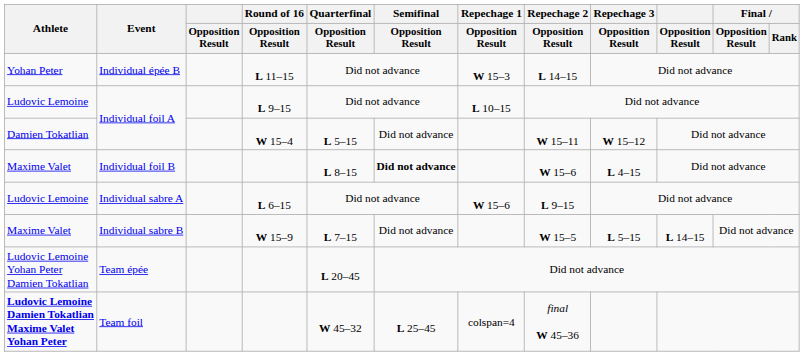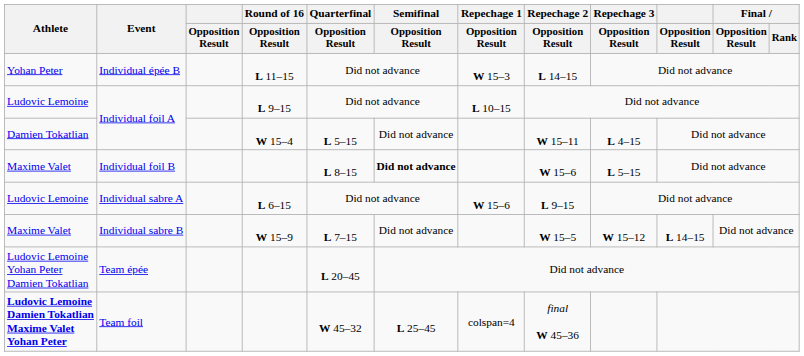 <table class=wikitable style=font-size:90%;text-align:center>
 <tr>
 <th rowspan=2>Athlete</th>
 <th rowspan=2>Event</th>
 <th></th>
 <th>Round of 16</th>
 <th>Quarterfinal</th>
 <th>Semifinal</th>
 <th>Repechage 1</th>
 <th>Repechage 2</th>
 <th>Repechage 3</th>
 <th></th>
 <th colspan=2>Final / </th>
 </tr>
 <tr style=font-size:95%>
 <th>Opposition<br>Result</th>
 <th>Opposition<br>Result</th>
 <th>Opposition<br>Result</th>
 <th>Opposition<br>Result</th>
 <th>Opposition<br>Result</th>
 <th>Opposition<br>Result</th>
 <th>Opposition<br>Result</th>
 <th>Opposition<br>Result</th>
 <th>Opposition<br>Result</th>
 <th>Rank</th>
 </tr>
 <tr align=center>
 <td align=left><a href='#'>Yohan Peter</a></td>
 <td align=left><a href='#'>Individual épée B</a></td>
 <td></td>
 <td><br><strong>L</strong> 11–15</td>
 <td colspan=2>Did not advance</td>
 <td><br><strong>W</strong> 15–3</td>
 <td><br><strong>L</strong> 14–15</td>
 <td colspan=4>Did not advance</td>
 </tr>
 <tr align=center>
 <td align=left><a href='#'>Ludovic Lemoine</a></td>
 <td align=left rowspan=2><a href='#'>Individual foil A</a></td>
 <td></td>
 <td><br><strong>L</strong> 9–15</td>
 <td colspan=2>Did not advance</td>
 <td><br><strong>L</strong> 10–15</td>
 <td colspan=5>Did not advance</td>
 </tr>
 <tr align=center>
 <td align=left><a href='#'>Damien Tokatlian</a></td>
 <td></td>
 <td><br><strong>W</strong> 15–4</td>
 <td><br><strong>L</strong> 5–15</td>
 <td>Did not advance</td>
 <td></td>
 <td><br><strong>W</strong> 15–11</td>
-<td><br><strong>W</strong> 15–12</td>
+<td><br><strong>L</strong> 4–15</td>
 <td colspan=5>Did not advance</td>
 </tr>
 <tr align=center>
 <td align=left><a href='#'>Maxime Valet</a></td>
 <td align=left><a href='#'>Individual foil B</a></td>
 <td></td>
 <td></td>
 <td><br><strong>L</strong> 8–15</td>
 <td><strong>Did not advance</strong></td>
 <td></td>
 <td><br><strong>W</strong> 15–6</td>
-<td><br><strong>L</strong> 4–15</td>
+<td><br><strong>L</strong> 5–15</td>
 <td colspan=5>Did not advance</td>
 </tr>
 <tr align=center>
 <td align=left><a href='#'>Ludovic Lemoine</a></td>
 <td align=left><a href='#'>Individual sabre A</a></td>
 <td></td>
 <td><br><strong>L</strong> 6–15</td>
 <td colspan=2>Did not advance</td>
 <td><br><strong>W</strong> 15–6</td>
 <td><br><strong>L</strong> 9–15</td>
 <td colspan=4>Did not advance</td>
 </tr>
 <tr align=center>
 <td align=left><a href='#'>Maxime Valet</a></td>
 <td align=left><a href='#'>Individual sabre B</a></td>
 <td></td>
 <td><br><strong>W</strong> 15–9</td>
 <td><br><strong>L</strong> 7–15</td>
 <td>Did not advance</td>
 <td></td>
 <td><br><strong>W</strong> 15–5</td>
-<td><br><strong>L</strong> 5–15</td>
+<td><br><strong>W</strong> 15–12</td>
 <td><br><strong>L</strong> 14–15</td>
 <td colspan=2>Did not advance</td>
 </tr>
 <tr align=center>
 <td align=left><a href='#'>Ludovic Lemoine</a><br><a href='#'>Yohan Peter</a><br><a href='#'>Damien Tokatlian</a></td>
 <td align=left><a href='#'>Team épée</a></td>
 <td></td>
 <td></td>
 <td><br><strong>L</strong> 20–45</td>
 <td colspan=7>Did not advance</td>
 </tr>
 <tr align=center>
 <td align=left><strong><a href='#'>Ludovic Lemoine</a><br><a href='#'>Damien Tokatlian</a><br><a href='#'>Maxime Valet</a><br><a href='#'>Yohan Peter</a></strong></td>
 <td align=left><a href='#'>Team foil</a></td>
 <td></td>
 <td></td>
 <td><br><strong>W</strong> 45–32</td>
 <td><br><strong>L</strong> 25–45</td>
 <td>colspan=4 </td>
 <td><em> final</em><br><br><strong>W</strong> 45–36</td>
 <td></td>
 </tr>
 </table>
